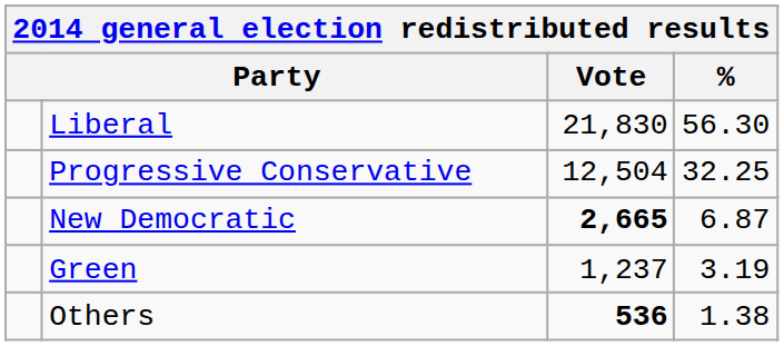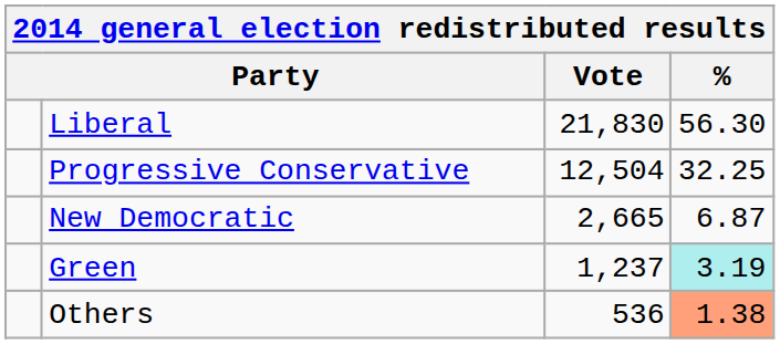 <table class="wikitable">
 <tr>
 <th colspan="4"><a href='#'>2014 general election</a> redistributed results</th>
 </tr>
 <tr>
 <th bgcolor="#DDDDFF" width="130px" colspan="2">Party</th>
 <th bgcolor="#DDDDFF" width="50px">Vote</th>
 <th bgcolor="#DDDDFF" width="30px">%</th>
 </tr>
 <tr>
 <td> </td>
 <td><a href='#'>Liberal</a></td>
 <td align=right>21,830</td>
 <td align=right>56.30</td>
 </tr>
 <tr>
 <td> </td>
 <td><a href='#'>Progressive Conservative</a></td>
 <td align=right>12,504</td>
 <td align=right>32.25</td>
 </tr>
 <tr>
 <td> </td>
 <td><a href='#'>New Democratic</a></td>
-<td align=right><strong>2,665</strong></td>
+<td align=right>2,665</td>
 <td align=right>6.87</td>
 </tr>
 <tr>
 <td> </td>
 <td><a href='#'>Green</a></td>
 <td align=right>1,237</td>
-<td align=right>3.19</td>
+<td align=right style="background: paleturquoise;">3.19</td>
 </tr>
 <tr>
 <td> </td>
 <td>Others</td>
-<td align=right><strong>536</strong></td>
-<td align=right>1.38</td>
+<td align=right>536</td>
+<td align=right style="background: lightsalmon;">1.38</td>
 </tr>
 </table>
